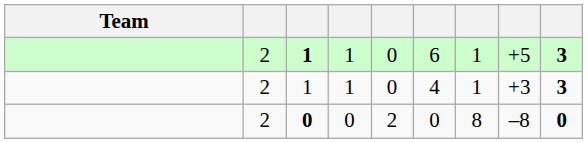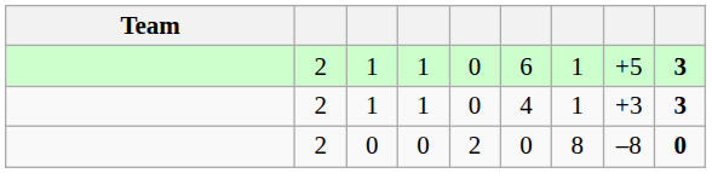 <table class="wikitable" style="text-align: center;">
 <tr>
 <th width=175>Team</th>
 <th width=25></th>
 <th width=25></th>
 <th width=25></th>
 <th width=25></th>
 <th width=25></th>
 <th width=25></th>
 <th width=25></th>
 <th width=25></th>
 </tr>
 <tr bgcolor=ccffcc>
 <td style="text-align:left;"><strong></strong></td>
 <td>2</td>
-<td><strong>1</strong></td>
+<td>1</td>
 <td>1</td>
 <td>0</td>
 <td>6</td>
 <td>1</td>
 <td>+5</td>
 <td><strong>3</strong></td>
 </tr>
 <tr>
 <td style="text-align:left;"></td>
 <td>2</td>
 <td>1</td>
 <td>1</td>
 <td>0</td>
 <td>4</td>
 <td>1</td>
 <td>+3</td>
 <td><strong>3</strong></td>
 </tr>
 <tr>
 <td style="text-align:left;"></td>
 <td>2</td>
-<td><strong>0</strong></td>
+<td>0</td>
 <td>0</td>
 <td>2</td>
 <td>0</td>
 <td>8</td>
 <td>–8</td>
 <td><strong>0</strong></td>
 </tr>
 </table>
